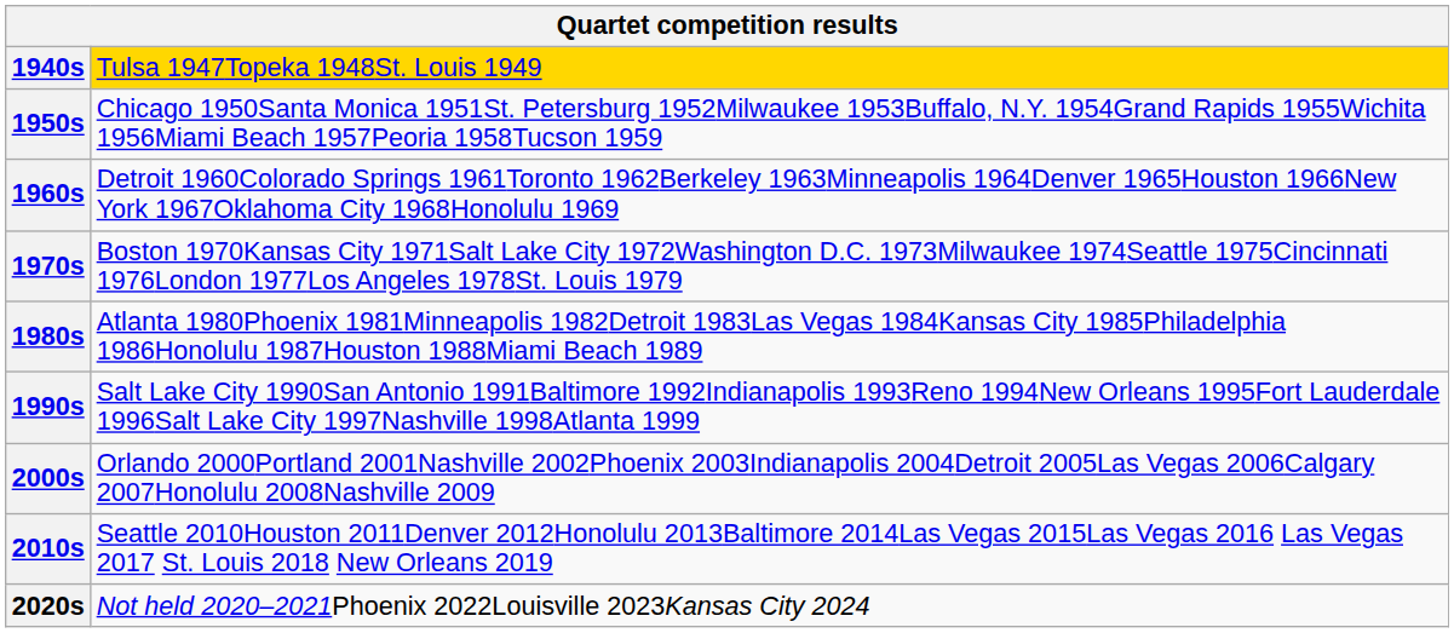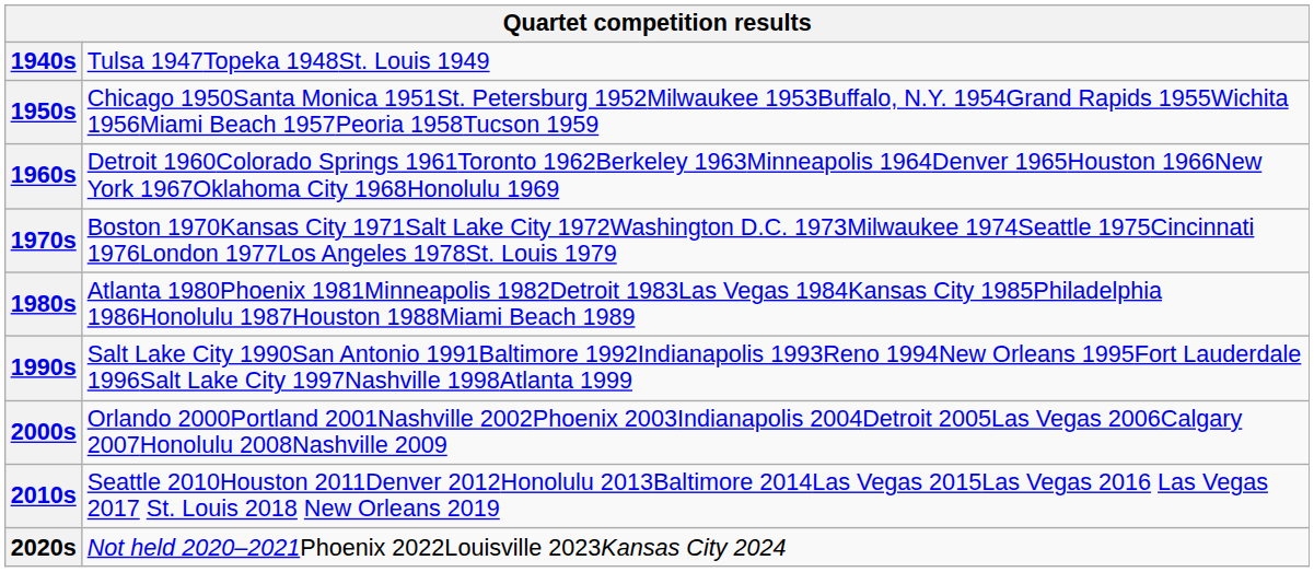 <table class="wikitable" style="margin: 1em auto 1em auto;">
 <tr>
 <th colspan="2" scope="col" style="text-align:center;">Quartet competition results</th>
 </tr>
 <tr>
 <th scope="row"><a href='#'>1940s</a></th>
-<td style="background: gold;"><a href='#'>Tulsa 1947</a><a href='#'>Topeka 1948</a><a href='#'>St. Louis 1949</a></td>
+<td><a href='#'>Tulsa 1947</a><a href='#'>Topeka 1948</a><a href='#'>St. Louis 1949</a></td>
 </tr>
 <tr>
 <th scope="row"><a href='#'>1950s</a></th>
 <td><a href='#'>Chicago 1950</a><a href='#'>Santa Monica 1951</a><a href='#'>St. Petersburg 1952</a><a href='#'>Milwaukee 1953</a><a href='#'>Buffalo, N.Y. 1954</a><a href='#'>Grand Rapids 1955</a><a href='#'>Wichita 1956</a><a href='#'>Miami Beach 1957</a><a href='#'>Peoria 1958</a><a href='#'>Tucson 1959</a></td>
 </tr>
 <tr>
 <th scope="row"><a href='#'>1960s</a></th>
 <td><a href='#'>Detroit 1960</a><a href='#'>Colorado Springs 1961</a><a href='#'>Toronto 1962</a><a href='#'>Berkeley 1963</a><a href='#'>Minneapolis 1964</a><a href='#'>Denver 1965</a><a href='#'>Houston 1966</a><a href='#'>New York 1967</a><a href='#'>Oklahoma City 1968</a><a href='#'>Honolulu 1969</a></td>
 </tr>
 <tr>
 <th scope="row"><a href='#'>1970s</a></th>
 <td><a href='#'>Boston 1970</a><a href='#'>Kansas City 1971</a><a href='#'>Salt Lake City 1972</a><a href='#'>Washington D.C. 1973</a><a href='#'>Milwaukee 1974</a><a href='#'>Seattle 1975</a><a href='#'>Cincinnati 1976</a><a href='#'>London 1977</a><a href='#'>Los Angeles 1978</a><a href='#'>St. Louis 1979</a></td>
 </tr>
 <tr>
 <th scope="row"><a href='#'>1980s</a></th>
 <td><a href='#'>Atlanta 1980</a><a href='#'>Phoenix 1981</a><a href='#'>Minneapolis 1982</a><a href='#'>Detroit 1983</a><a href='#'>Las Vegas 1984</a><a href='#'>Kansas City 1985</a><a href='#'>Philadelphia 1986</a><a href='#'>Honolulu 1987</a><a href='#'>Houston 1988</a><a href='#'>Miami Beach 1989</a></td>
 </tr>
 <tr>
 <th scope="row"><a href='#'>1990s</a></th>
 <td><a href='#'>Salt Lake City 1990</a><a href='#'>San Antonio 1991</a><a href='#'>Baltimore 1992</a><a href='#'>Indianapolis 1993</a><a href='#'>Reno 1994</a><a href='#'>New Orleans 1995</a><a href='#'>Fort Lauderdale 1996</a><a href='#'>Salt Lake City 1997</a><a href='#'>Nashville 1998</a><a href='#'>Atlanta 1999</a></td>
 </tr>
 <tr>
 <th scope="row"><a href='#'>2000s</a></th>
 <td><a href='#'>Orlando 2000</a><a href='#'>Portland 2001</a><a href='#'>Nashville 2002</a><a href='#'>Phoenix 2003</a><a href='#'>Indianapolis 2004</a><a href='#'>Detroit 2005</a><a href='#'>Las Vegas 2006</a><a href='#'>Calgary 2007</a><a href='#'>Honolulu 2008</a><a href='#'>Nashville 2009</a></td>
 </tr>
 <tr>
 <th scope="row"><a href='#'>2010s</a></th>
 <td><a href='#'>Seattle 2010</a><a href='#'>Houston 2011</a><a href='#'>Denver 2012</a><a href='#'>Honolulu 2013</a><a href='#'>Baltimore 2014</a><a href='#'>Las Vegas 2015</a><a href='#'>Las Vegas 2016</a> <a href='#'>Las Vegas 2017</a> <a href='#'></a> <a href='#'>St. Louis 2018</a> <a href='#'></a> <a href='#'>New Orleans 2019</a></td>
 </tr>
 <tr>
 <th>2020s</th>
 <td><em><a href='#'>Not held 2020–2021</a></em>Phoenix 2022Louisville 2023<em>Kansas City 2024</em></td>
 </tr>
 </table>
